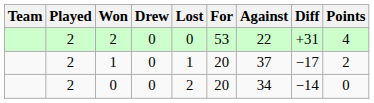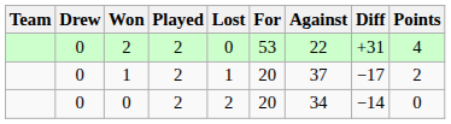 <table class="wikitable" style="text-align:center">
 <tr>
 <th>Team</th>
+<th>Drew</th>
+<th>Won</th>
 <th>Played</th>
-<th>Won</th>
-<th>Drew</th>
 <th>Lost</th>
 <th>For</th>
 <th>Against</th>
 <th>Diff</th>
 <th>Points</th>
 </tr>
 <tr bgcolor="#ccffcc">
 <td align=left></td>
+<td>0</td>
 <td>2</td>
 <td>2</td>
-<td>0</td>
 <td>0</td>
 <td>53</td>
 <td>22</td>
 <td>+31</td>
 <td>4</td>
 </tr>
 <tr>
 <td align=left></td>
+<td>0</td>
+<td>1</td>
 <td>2</td>
-<td>1</td>
-<td>0</td>
 <td>1</td>
 <td>20</td>
 <td>37</td>
 <td>−17</td>
 <td>2</td>
 </tr>
 <tr>
 <td align=left></td>
-<td>2</td>
 <td>0</td>
 <td>0</td>
+<td>2</td>
 <td>2</td>
 <td>20</td>
 <td>34</td>
 <td>−14</td>
 <td>0</td>
 </tr>
 </table>
